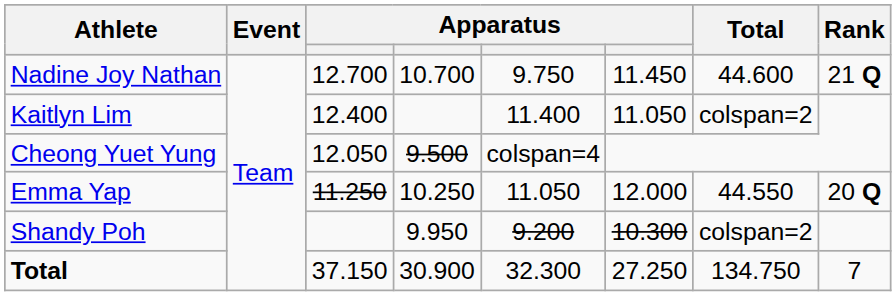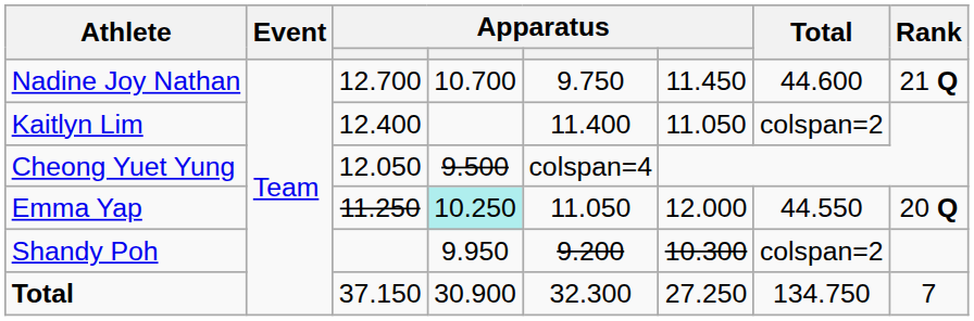 <table class="wikitable" style="font-size:90%">
 <tr>
 <th rowspan=2>Athlete</th>
 <th rowspan=2>Event</th>
 <th colspan=4>Apparatus</th>
 <th rowspan=2>Total</th>
 <th rowspan=2>Rank</th>
 </tr>
 <tr style="font-size:95%">
 <th></th>
 <th></th>
 <th></th>
 <th></th>
 </tr>
 <tr align=center>
 <td align=left><a href='#'>Nadine Joy Nathan</a></td>
 <td align=left rowspan=6><a href='#'>Team</a></td>
 <td>12.700</td>
 <td>10.700</td>
 <td>9.750</td>
 <td>11.450</td>
 <td>44.600</td>
 <td>21 <strong>Q</strong></td>
 </tr>
 <tr align=center>
 <td align=left><a href='#'>Kaitlyn Lim</a></td>
 <td>12.400</td>
 <td></td>
 <td>11.400</td>
 <td>11.050</td>
 <td>colspan=2 </td>
 </tr>
 <tr align=center>
 <td align=left><a href='#'>Cheong Yuet Yung</a></td>
 <td>12.050</td>
 <td><s>9.500</s></td>
 <td>colspan=4 </td>
 </tr>
 <tr align=center>
 <td align=left><a href='#'>Emma Yap</a></td>
 <td><s>11.250</s></td>
-<td>10.250</td>
+<td style="background: paleturquoise;">10.250</td>
 <td>11.050</td>
 <td>12.000</td>
 <td>44.550</td>
 <td>20 <strong>Q</strong></td>
 </tr>
 <tr align=center>
 <td align=left><a href='#'>Shandy Poh</a></td>
 <td></td>
 <td>9.950</td>
 <td><s>9.200</s></td>
 <td><s>10.300</s></td>
 <td>colspan=2 </td>
 </tr>
 <tr align=center>
 <td align=left><strong>Total</strong></td>
 <td>37.150</td>
 <td>30.900</td>
 <td>32.300</td>
 <td>27.250</td>
 <td>134.750</td>
 <td>7</td>
 </tr>
 </table>
